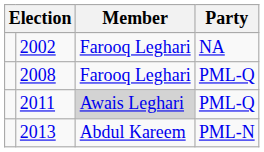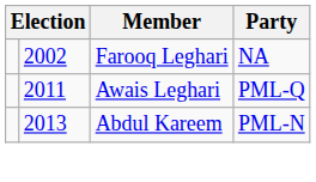 <table class="wikitable">
 <tr>
 <th colspan="2">Election</th>
 <th>Member</th>
 <th>Party</th>
 </tr>
 <tr>
 <td style="background-color: "></td>
 <td><a href='#'>2002</a></td>
 <td><a href='#'>Farooq Leghari</a></td>
 <td><a href='#'>NA</a></td>
 </tr>
 <tr>
 <td style="background-color: "></td>
-<td><a href='#'>2008</a></td>
-<td><a href='#'>Farooq Leghari</a></td>
-<td><a href='#'>PML-Q</a></td>
-</tr>
-<tr>
-<td style="background-color: "></td>
 <td><a href='#'>2011</a></td>
-<td style="background: lightgrey;"><a href='#'>Awais Leghari</a></td>
+<td><a href='#'>Awais Leghari</a></td>
 <td><a href='#'>PML-Q</a></td>
 </tr>
 <tr>
 <td style="background-color: "></td>
 <td><a href='#'>2013</a></td>
 <td><a href='#'>Abdul Kareem</a></td>
 <td><a href='#'>PML-N</a></td>
 </tr>
 </table>
